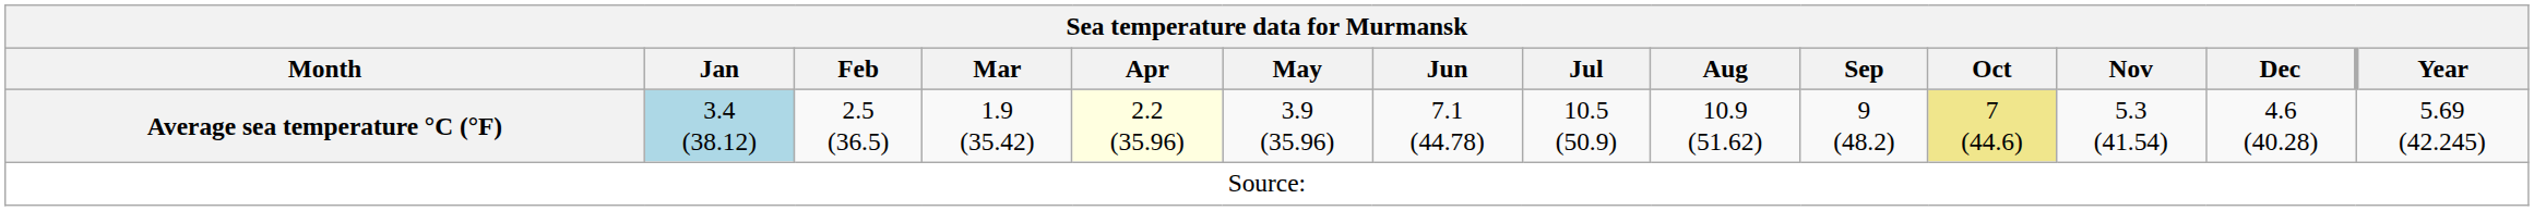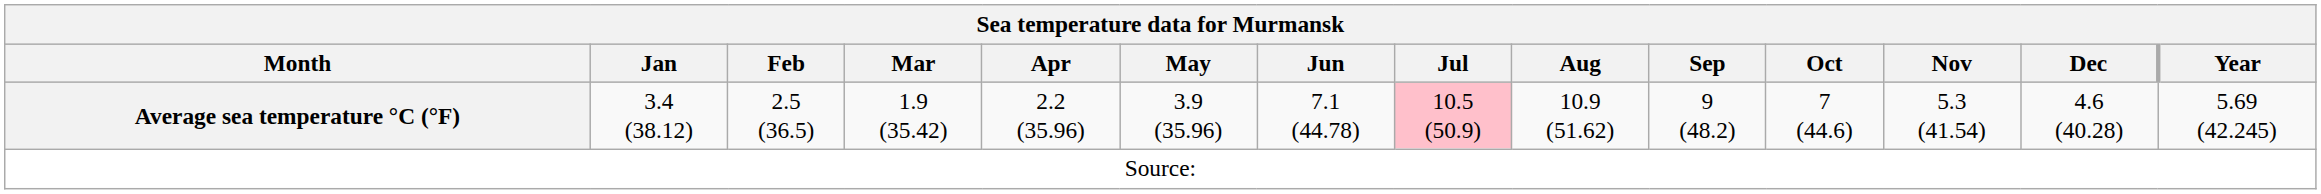 <table style="width:100%;text-align:center;line-height:1.2em;margin-left:auto;margin-right:auto" class="wikitable">
 <tr>
 <th Colspan=14>Sea temperature data for Murmansk</th>
 </tr>
 <tr>
 <th>Month</th>
 <th>Jan</th>
 <th>Feb</th>
 <th>Mar</th>
 <th>Apr</th>
 <th>May</th>
 <th>Jun</th>
 <th>Jul</th>
 <th>Aug</th>
 <th>Sep</th>
 <th>Oct</th>
 <th>Nov</th>
 <th>Dec</th>
 <th style="border-left-width:medium">Year</th>
 </tr>
 <tr>
 <th>Average sea temperature °C (°F)</th>
-<td style="background: lightblue;">3.4<br>(38.12)</td>
+<td>3.4<br>(38.12)</td>
 <td>2.5<br>(36.5)</td>
 <td>1.9<br>(35.42)</td>
-<td style="background: lightyellow;">2.2<br>(35.96)</td>
+<td>2.2<br>(35.96)</td>
 <td>3.9<br>(35.96)</td>
 <td>7.1<br>(44.78)</td>
-<td>10.5<br>(50.9)</td>
+<td style="background: pink;">10.5<br>(50.9)</td>
 <td>10.9<br>(51.62)</td>
 <td>9<br>(48.2)</td>
-<td style="background: khaki;">7<br>(44.6)</td>
+<td>7<br>(44.6)</td>
 <td>5.3<br>(41.54)</td>
 <td>4.6<br>(40.28)</td>
 <td>5.69<br>(42.245)</td>
 </tr>
 <tr>
 <th colspan="14" style="background:#fff; font-weight:normal; font-size:100%;">Source:</th>
 </tr>
 </table>
